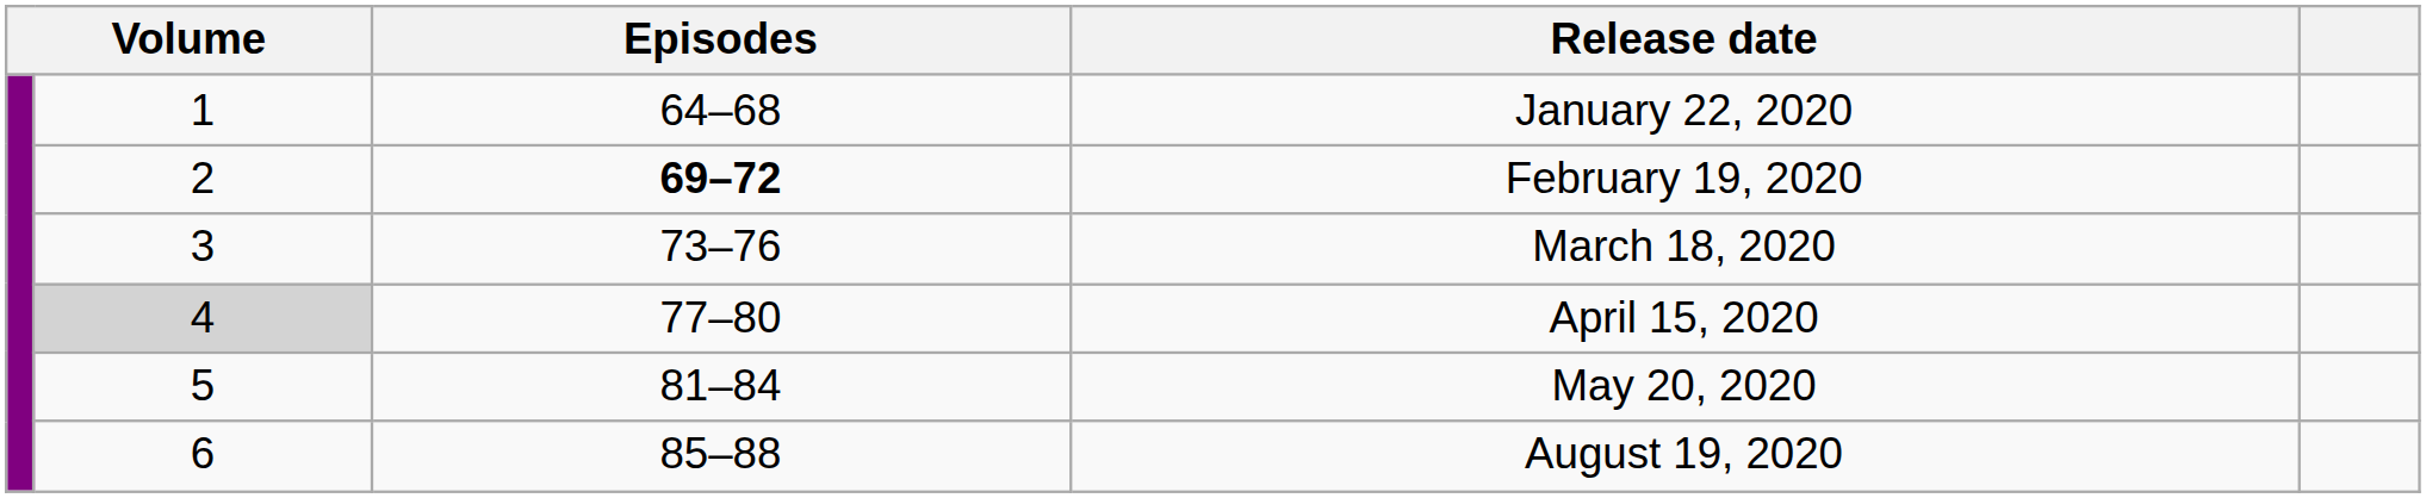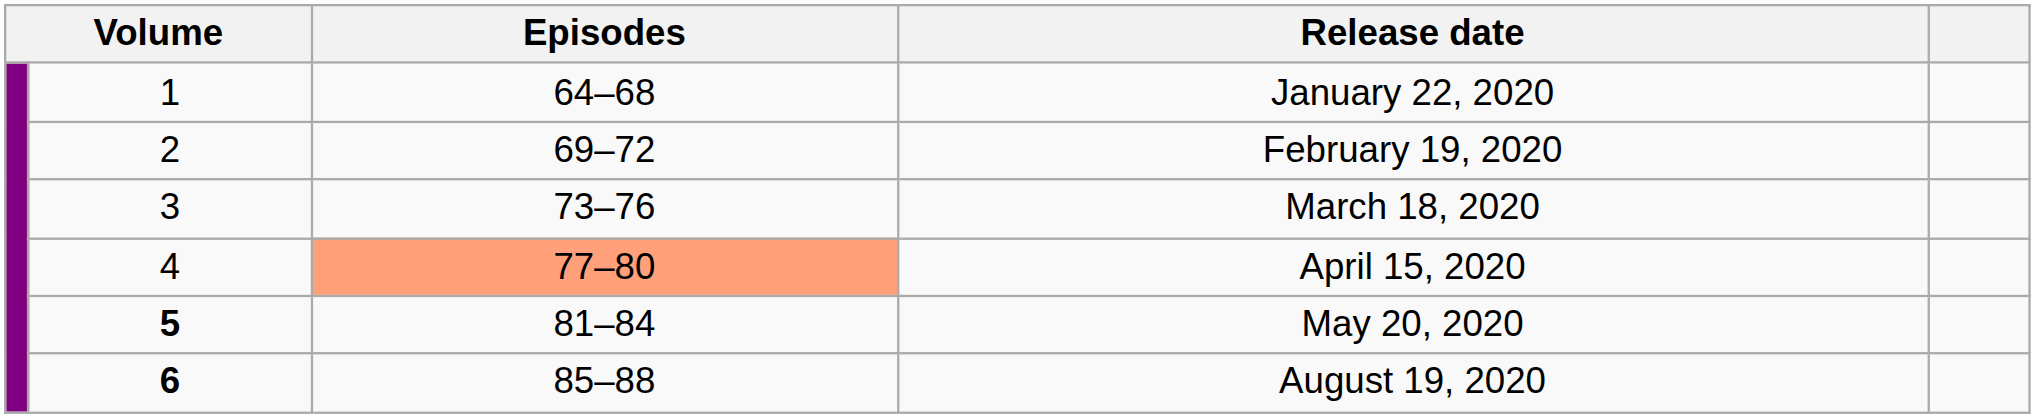 <table class="wikitable" style="text-align:center; width: 70%;">
 <tr>
 <th colspan="2" width="15%">Volume</th>
 <th>Episodes</th>
 <th>Release date</th>
 <th width="5%"></th>
 </tr>
 <tr>
 <td rowspan="6" width="1%" style="background: #800080"></td>
 <td>1</td>
 <td>64–68</td>
 <td>January 22, 2020</td>
 <td></td>
 </tr>
 <tr>
 <td>2</td>
-<td><strong>69–72</strong></td>
+<td>69–72</td>
 <td>February 19, 2020</td>
 <td></td>
 </tr>
 <tr>
 <td>3</td>
 <td>73–76</td>
 <td>March 18, 2020</td>
 <td></td>
 </tr>
 <tr>
-<td style="background: lightgrey;">4</td>
-<td>77–80</td>
+<td>4</td>
+<td style="background: lightsalmon;">77–80</td>
 <td>April 15, 2020</td>
 <td></td>
 </tr>
 <tr>
-<td>5</td>
+<td><strong>5</strong></td>
 <td>81–84</td>
 <td>May 20, 2020</td>
 <td></td>
 </tr>
 <tr>
-<td>6</td>
+<td><strong>6</strong></td>
 <td>85–88</td>
 <td>August 19, 2020</td>
 <td></td>
 </tr>
 </table>
